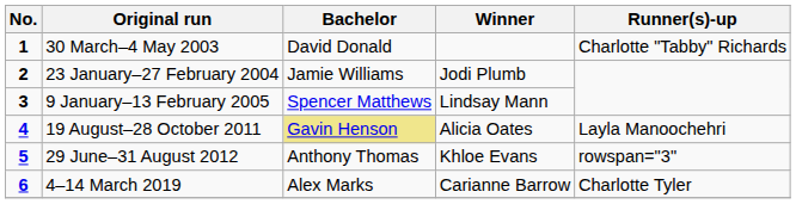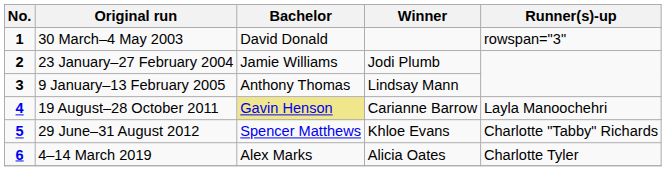 <table class="wikitable plainrowheaders" style="font-size:95%">
 <tr>
 <th scope="col">No.</th>
 <th scope="col">Original run</th>
 <th scope="col">Bachelor</th>
 <th scope="col">Winner</th>
 <th scope="col">Runner(s)-up</th>
 </tr>
 <tr>
 <td style="text-align:center;"><strong>1</strong></td>
 <td>30 March–4 May 2003</td>
 <td>David Donald</td>
 <td></td>
-<td>Charlotte "Tabby" Richards</td>
+<td>rowspan="3" </td>
 </tr>
 <tr>
 <td style="text-align:center;"><strong>2</strong></td>
 <td>23 January–27 February 2004</td>
 <td>Jamie Williams</td>
 <td>Jodi Plumb</td>
 </tr>
 <tr>
 <td style="text-align:center;"><strong>3</strong></td>
 <td>9 January–13 February 2005</td>
-<td><a href='#'>Spencer Matthews</a></td>
+<td>Anthony Thomas</td>
 <td>Lindsay Mann</td>
 </tr>
 <tr>
 <td style="text-align:center;"><strong><a href='#'>4</a></strong></td>
 <td>19 August–28 October 2011</td>
 <td style="background: khaki;"><a href='#'>Gavin Henson</a></td>
-<td>Alicia Oates</td>
+<td>Carianne Barrow</td>
 <td>Layla Manoochehri</td>
 </tr>
 <tr>
 <td style="text-align:center;"><strong><a href='#'>5</a></strong></td>
 <td>29 June–31 August 2012</td>
-<td>Anthony Thomas</td>
+<td><a href='#'>Spencer Matthews</a></td>
 <td>Khloe Evans</td>
-<td>rowspan="3" </td>
+<td>Charlotte "Tabby" Richards</td>
 </tr>
 <tr>
 <td style="text-align:center;"><strong><a href='#'>6</a></strong></td>
 <td>4–14 March 2019</td>
 <td>Alex Marks</td>
-<td>Carianne Barrow</td>
+<td>Alicia Oates</td>
 <td>Charlotte Tyler</td>
 </tr>
 <tr>
 </tr>
 </table>
